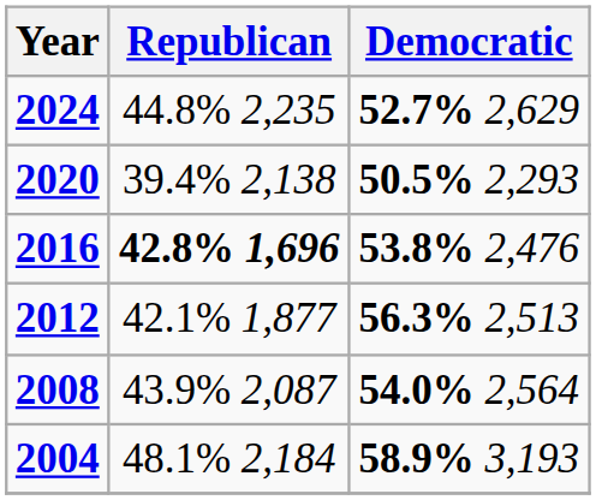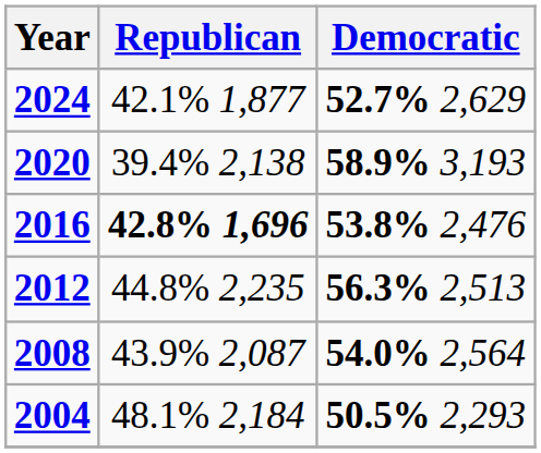 <table class="wikitable" style="float:right; margin: 1em 1em 1em 0; font-size: 95%;">
 <tr>
 <th>Year</th>
 <th><a href='#'>Republican</a></th>
 <th><a href='#'>Democratic</a></th>
 </tr>
 <tr>
 <td style="text-align:center; "><strong><a href='#'>2024</a></strong></td>
-<td style="text-align:center; ">44.8% <em>2,235</em></td>
+<td style="text-align:center; ">42.1% <em>1,877</em></td>
 <td style="text-align:center; "><strong>52.7%</strong> <em>2,629</em></td>
 </tr>
 <tr>
 <td style="text-align:center; "><strong><a href='#'>2020</a></strong></td>
 <td style="text-align:center; ">39.4% <em>2,138</em></td>
-<td style="text-align:center; "><strong>50.5%</strong> <em>2,293</em></td>
+<td style="text-align:center; "><strong>58.9%</strong>  <em>3,193</em></td>
 </tr>
 <tr>
 <td style="text-align:center; "><strong><a href='#'>2016</a></strong></td>
 <td style="text-align:center; "><strong>42.8% <em>1,696</em></strong></td>
 <td style="text-align:center; "><strong>53.8%</strong>  <em>2,476</em></td>
 </tr>
 <tr>
 <td style="text-align:center; "><strong><a href='#'>2012</a></strong></td>
-<td style="text-align:center; ">42.1% <em>1,877</em></td>
+<td style="text-align:center; ">44.8% <em>2,235</em></td>
 <td style="text-align:center; "><strong>56.3%</strong>  <em>2,513</em></td>
 </tr>
 <tr>
 <td style="text-align:center; "><strong><a href='#'>2008</a></strong></td>
 <td style="text-align:center; ">43.9% <em>2,087</em></td>
 <td style="text-align:center; "><strong>54.0%</strong>  <em>2,564</em></td>
 </tr>
 <tr>
 <td style="text-align:center; "><strong><a href='#'>2004</a></strong></td>
 <td style="text-align:center; ">48.1% <em>2,184</em></td>
-<td style="text-align:center; "><strong>58.9%</strong>  <em>3,193</em></td>
+<td style="text-align:center; "><strong>50.5%</strong> <em>2,293</em></td>
 </tr>
 <tr>
 </tr>
 </table>
